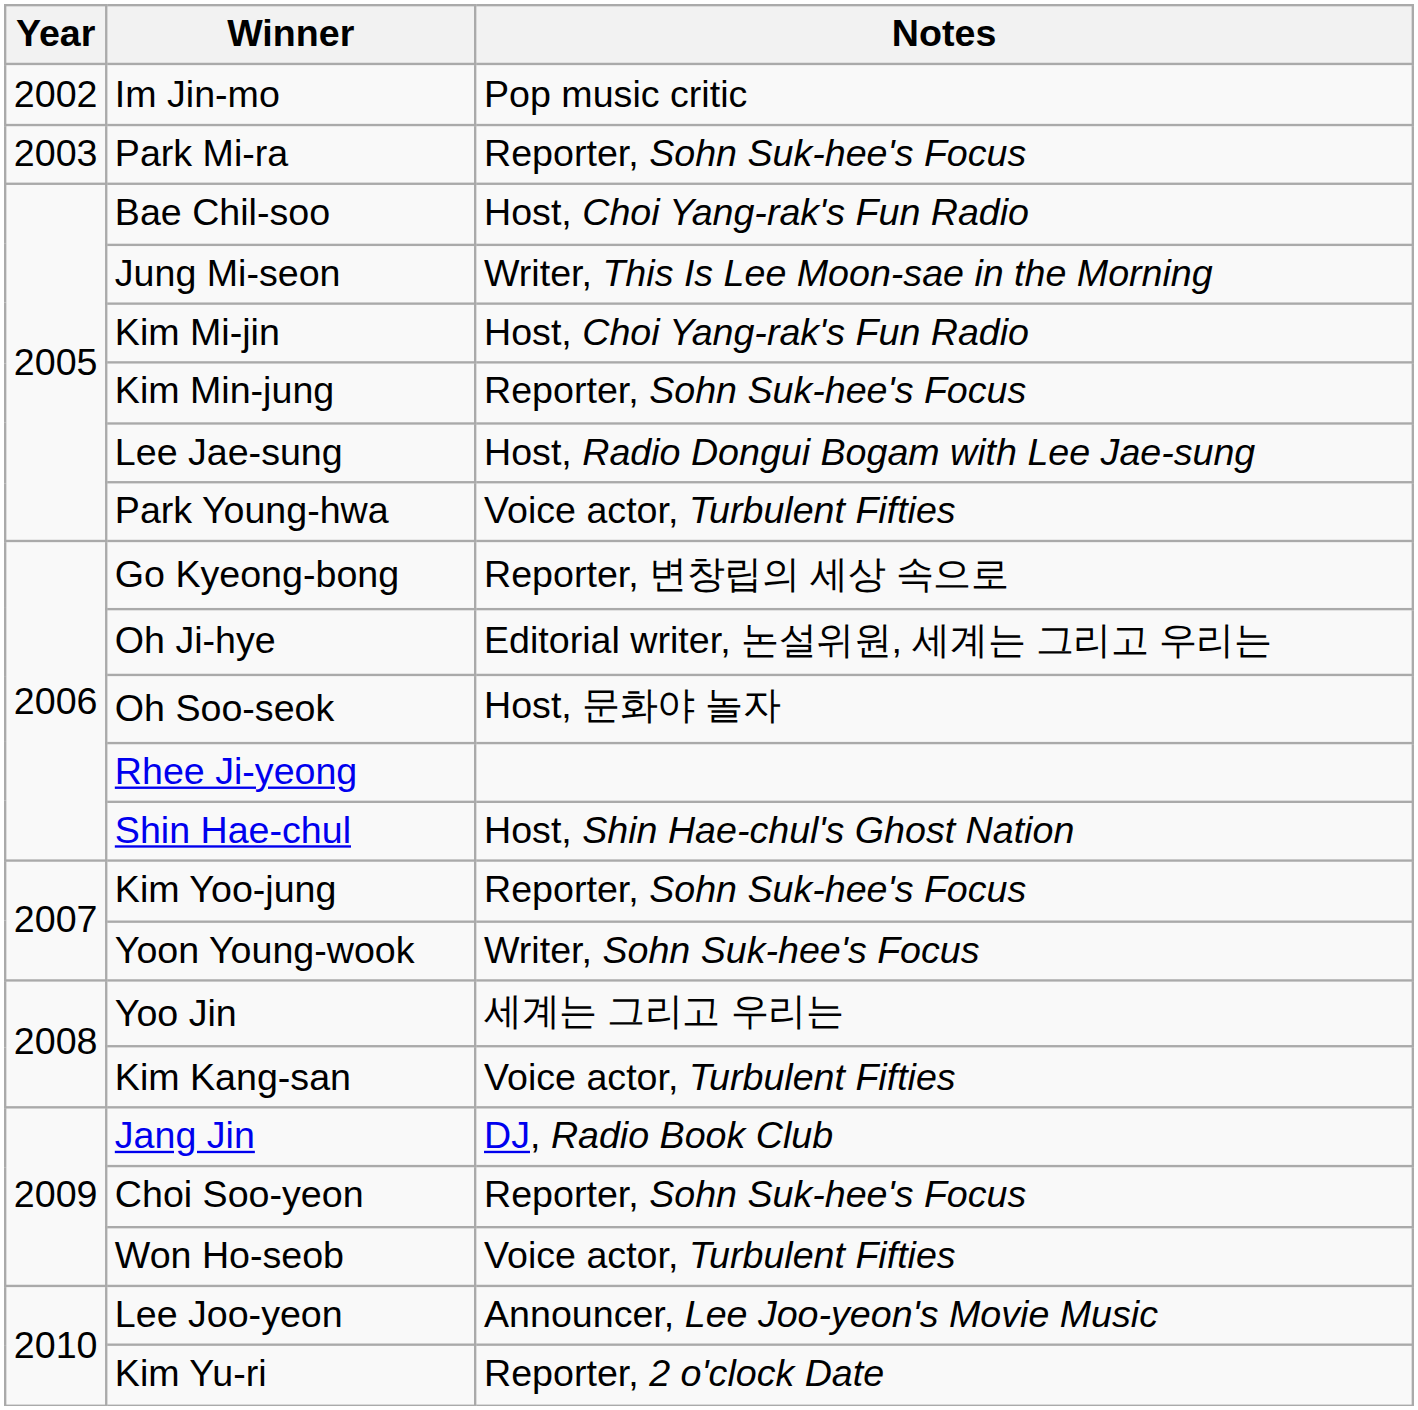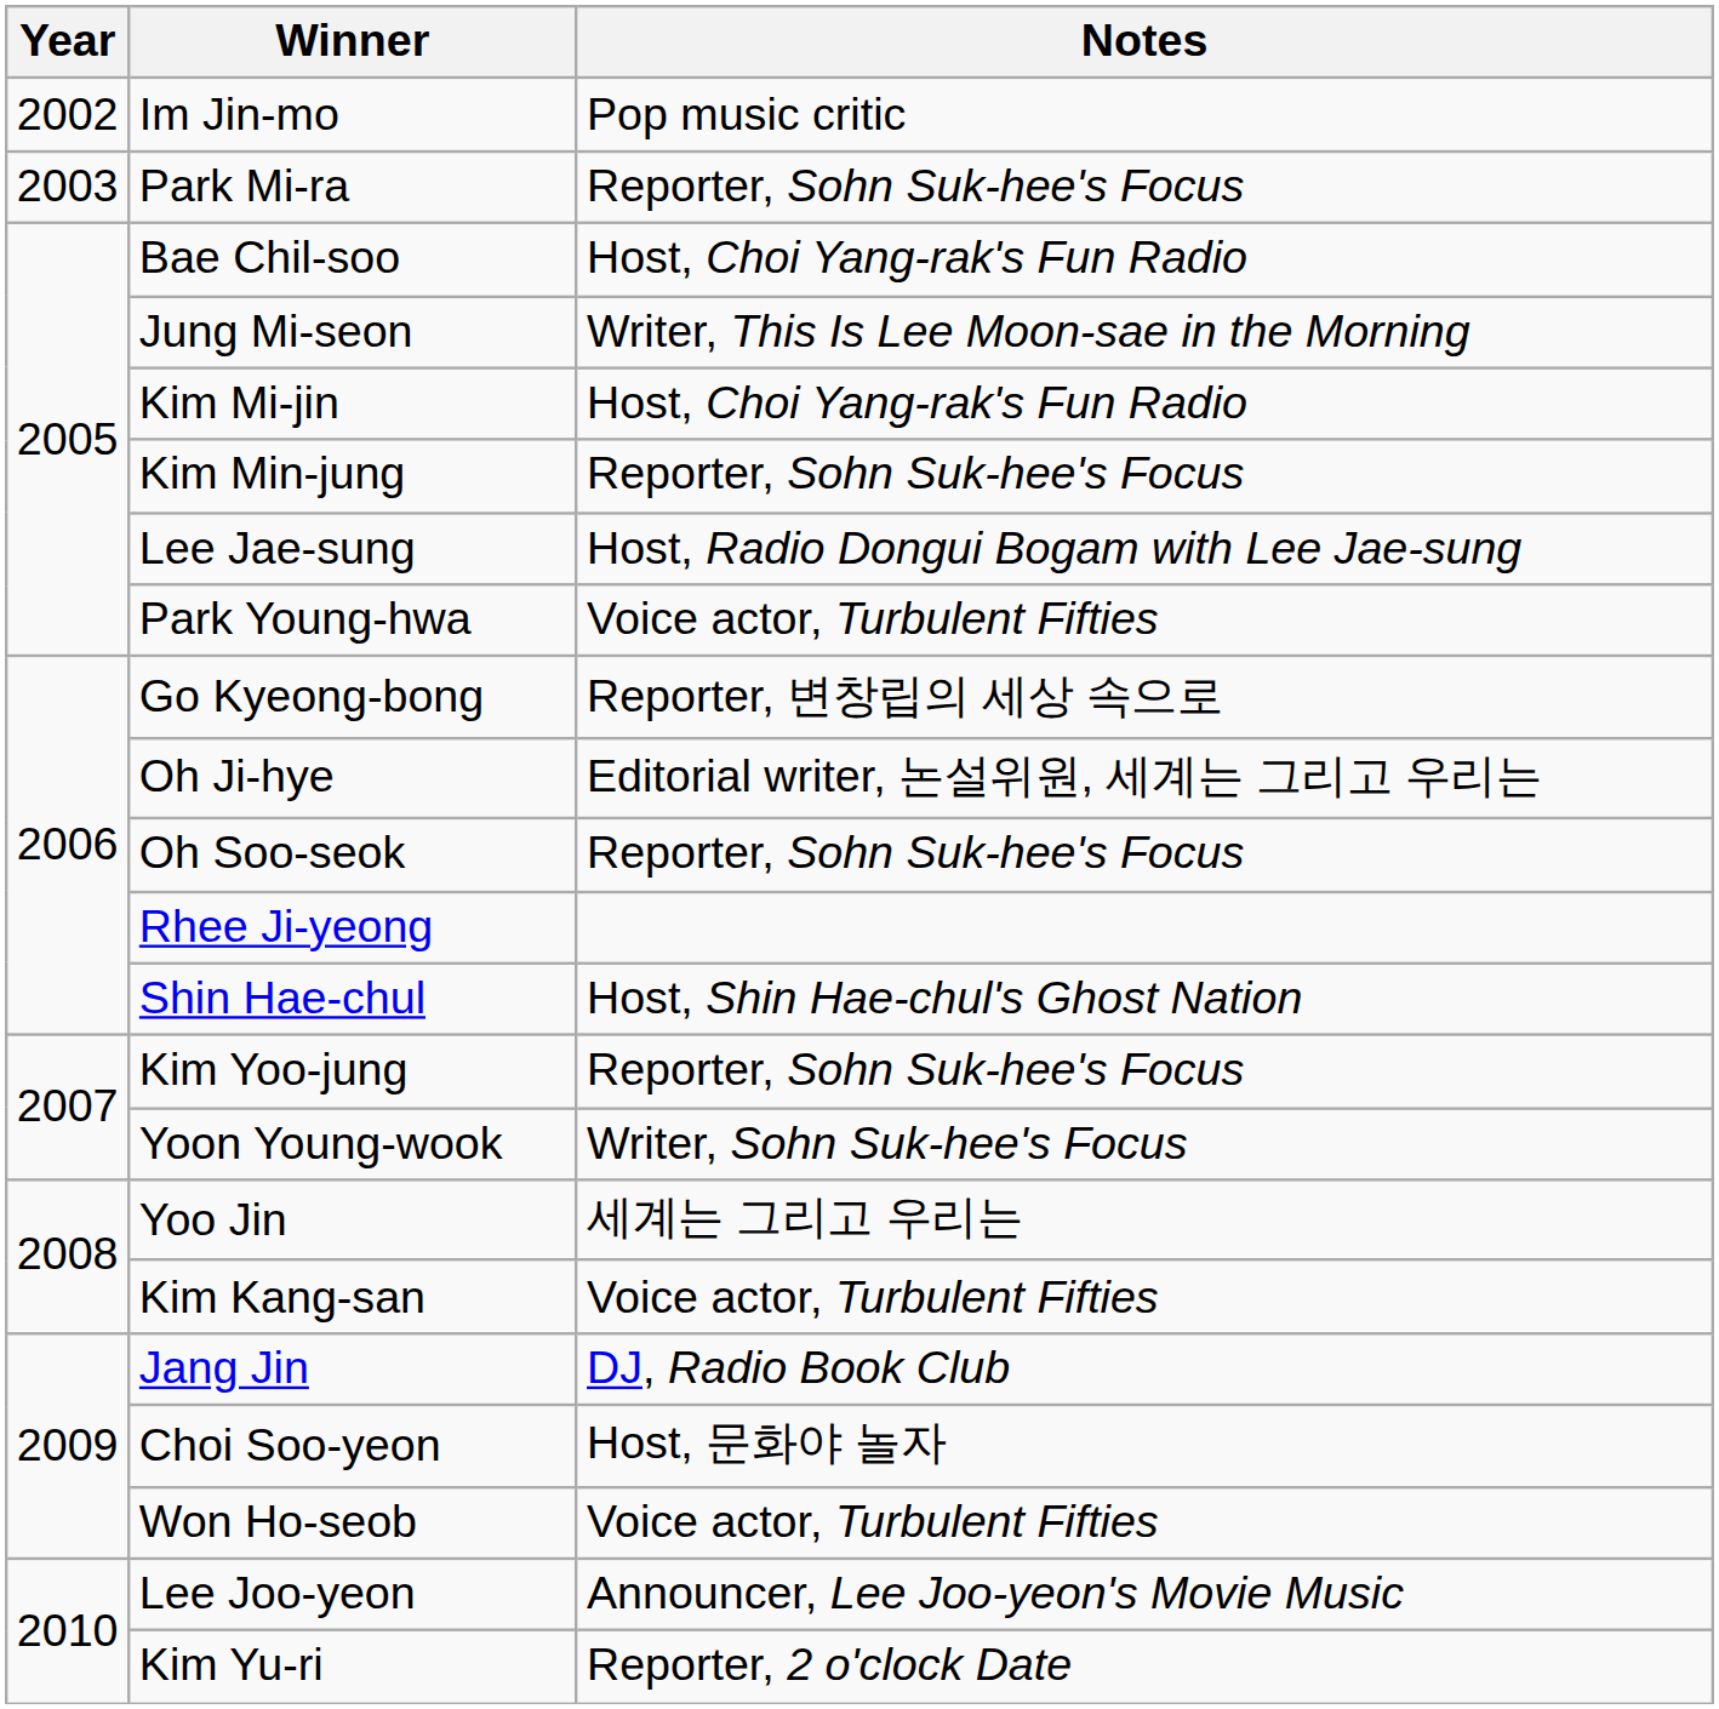 <table class="wikitable" style="width:600px">
 <tr>
 <th width=10>Year</th>
 <th>Winner</th>
 <th>Notes</th>
 </tr>
 <tr>
 <td>2002</td>
 <td>Im Jin-mo</td>
 <td>Pop music critic</td>
 </tr>
 <tr>
 <td>2003</td>
 <td>Park Mi-ra</td>
 <td>Reporter, <em>Sohn Suk-hee's Focus</em></td>
 </tr>
 <tr>
 <td rowspan=6>2005</td>
 <td>Bae Chil-soo</td>
 <td>Host, <em>Choi Yang-rak's Fun Radio</em></td>
 </tr>
 <tr>
 <td>Jung Mi-seon</td>
 <td>Writer, <em>This Is Lee Moon-sae in the Morning</em></td>
 </tr>
 <tr>
 <td>Kim Mi-jin</td>
 <td>Host, <em>Choi Yang-rak's Fun Radio</em></td>
 </tr>
 <tr>
 <td>Kim Min-jung</td>
 <td>Reporter, <em>Sohn Suk-hee's Focus</em></td>
 </tr>
 <tr>
 <td>Lee Jae-sung</td>
 <td>Host, <em>Radio Dongui Bogam with Lee Jae-sung</em></td>
 </tr>
 <tr>
 <td>Park Young-hwa</td>
 <td>Voice actor, <em>Turbulent Fifties</em></td>
 </tr>
 <tr>
 <td rowspan=5>2006</td>
 <td>Go Kyeong-bong</td>
 <td>Reporter, 변창립의 세상 속으로</td>
 </tr>
 <tr>
 <td>Oh Ji-hye</td>
 <td>Editorial writer, 논설위원, 세계는 그리고 우리는</td>
 </tr>
 <tr>
 <td>Oh Soo-seok</td>
-<td>Host, 문화야 놀자</td>
+<td>Reporter, <em>Sohn Suk-hee's Focus</em></td>
 </tr>
 <tr>
 <td><a href='#'>Rhee Ji-yeong</a></td>
 <td></td>
 </tr>
 <tr>
 <td><a href='#'>Shin Hae-chul</a></td>
 <td>Host, <em>Shin Hae-chul's Ghost Nation</em></td>
 </tr>
 <tr>
 <td rowspan=2>2007</td>
 <td>Kim Yoo-jung</td>
 <td>Reporter, <em>Sohn Suk-hee's Focus</em></td>
 </tr>
 <tr>
 <td>Yoon Young-wook</td>
 <td>Writer, <em>Sohn Suk-hee's Focus</em></td>
 </tr>
 <tr>
 <td rowspan=2>2008</td>
 <td>Yoo Jin</td>
 <td>세계는 그리고 우리는</td>
 </tr>
 <tr>
 <td>Kim Kang-san</td>
 <td>Voice actor, <em>Turbulent Fifties</em></td>
 </tr>
 <tr>
 <td rowspan=3>2009</td>
 <td><a href='#'>Jang Jin</a></td>
 <td><a href='#'>DJ</a>, <em>Radio Book Club</em></td>
 </tr>
 <tr>
 <td>Choi Soo-yeon</td>
-<td>Reporter, <em>Sohn Suk-hee's Focus</em></td>
+<td>Host, 문화야 놀자</td>
 </tr>
 <tr>
 <td>Won Ho-seob</td>
 <td>Voice actor, <em>Turbulent Fifties</em></td>
 </tr>
 <tr>
 <td rowspan=2>2010</td>
 <td>Lee Joo-yeon</td>
 <td>Announcer, <em>Lee Joo-yeon's Movie Music</em></td>
 </tr>
 <tr>
 <td>Kim Yu-ri</td>
 <td>Reporter, <em>2 o'clock Date</em></td>
 </tr>
 </table>
